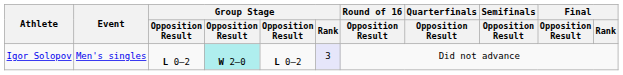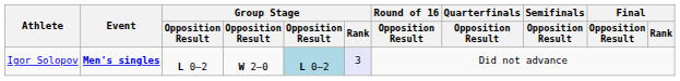 <table class="wikitable" border="1" style="font-size:90%">
 <tr>
 <th rowspan="2">Athlete</th>
 <th rowspan="2">Event</th>
 <th colspan="4">Group Stage</th>
 <th>Round of 16</th>
 <th>Quarterfinals</th>
 <th>Semifinals</th>
 <th colspan=2>Final</th>
 </tr>
 <tr style="font-size:95%">
 <th>Opposition<br>Result</th>
 <th>Opposition<br>Result</th>
 <th>Opposition<br>Result</th>
 <th>Rank</th>
 <th>Opposition<br>Result</th>
 <th>Opposition<br>Result</th>
 <th>Opposition<br>Result</th>
 <th>Opposition<br>Result</th>
 <th>Rank</th>
 </tr>
 <tr align=center>
 <td><a href='#'>Igor Solopov</a></td>
-<td><a href='#'>Men's singles</a></td>
+<td><strong><a href='#'>Men's singles</a></strong></td>
 <td align=center><br><strong>L</strong> 0–2</td>
-<td align=center style="background: paleturquoise;"><br><strong>W</strong> 2–0</td>
-<td align=center><br><strong>L</strong> 0–2</td>
+<td align=center><br><strong>W</strong> 2–0</td>
+<td align=center style="background: lightblue;"><br><strong>L</strong> 0–2</td>
 <td style="background: lavender;">3</td>
 <td colspan=5 align=center>Did not advance</td>
 </tr>
 </table>
